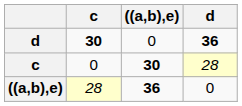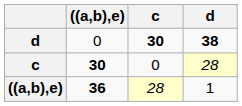 <table class="wikitable" style="text-align: center">
 <tr>
 <th style="width: 50px;"></th>
+<th style="width: 50px;">((a,b),e)</th>
 <th style="width: 50px;">c</th>
-<th style="width: 50px;">((a,b),e)</th>
 <th style="width: 50px;">d</th>
 </tr>
 <tr>
 <th>d</th>
+<td>0</td>
 <td><strong>30</strong></td>
-<td>0</td>
-<td><strong>36</strong></td>
+<td><strong>38</strong></td>
 </tr>
 <tr>
 <th>c</th>
+<td><strong>30</strong></td>
 <td>0</td>
-<td><strong>30</strong></td>
 <td style=background:#ffffcc;><em>28</em></td>
 </tr>
 <tr>
 <th>((a,b),e)</th>
+<td><strong>36</strong></td>
 <td style=background:#ffffcc;><em>28</em></td>
-<td><strong>36</strong></td>
-<td>0</td>
+<td>1</td>
 </tr>
 </table>
